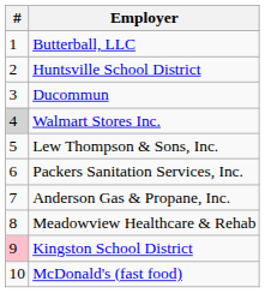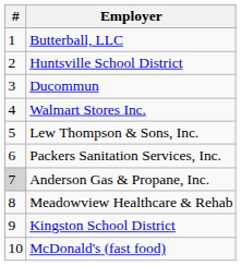 <table class="wikitable">
 <tr>
 <th>#</th>
 <th>Employer</th>
 </tr>
 <tr>
 <td>1</td>
 <td><a href='#'>Butterball, LLC</a></td>
 </tr>
 <tr>
 <td>2</td>
 <td><a href='#'>Huntsville School District</a></td>
 </tr>
 <tr>
 <td>3</td>
 <td><a href='#'>Ducommun</a></td>
 </tr>
 <tr>
-<td style="background: lightgrey;">4</td>
+<td>4</td>
 <td><a href='#'>Walmart Stores Inc.</a></td>
 </tr>
 <tr>
 <td>5</td>
 <td>Lew Thompson & Sons, Inc.</td>
 </tr>
 <tr>
 <td>6</td>
 <td>Packers Sanitation Services, Inc.</td>
 </tr>
 <tr>
-<td>7</td>
+<td style="background: lightgrey;">7</td>
 <td>Anderson Gas & Propane, Inc.</td>
 </tr>
 <tr>
 <td>8</td>
 <td>Meadowview Healthcare & Rehab</td>
 </tr>
 <tr>
-<td style="background: pink;">9</td>
+<td>9</td>
 <td><a href='#'>Kingston School District</a></td>
 </tr>
 <tr>
 <td>10</td>
 <td><a href='#'>McDonald's (fast food)</a></td>
 </tr>
 </table>
